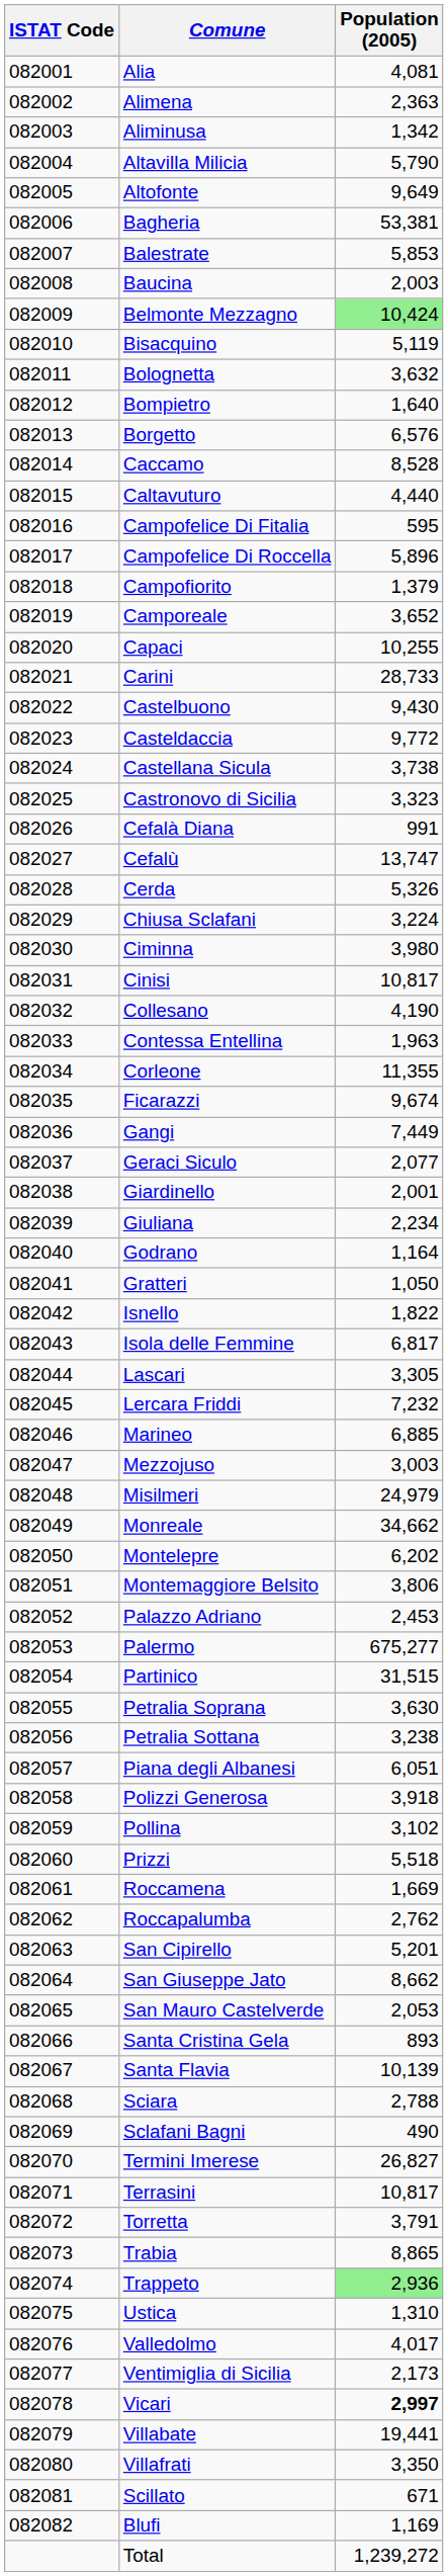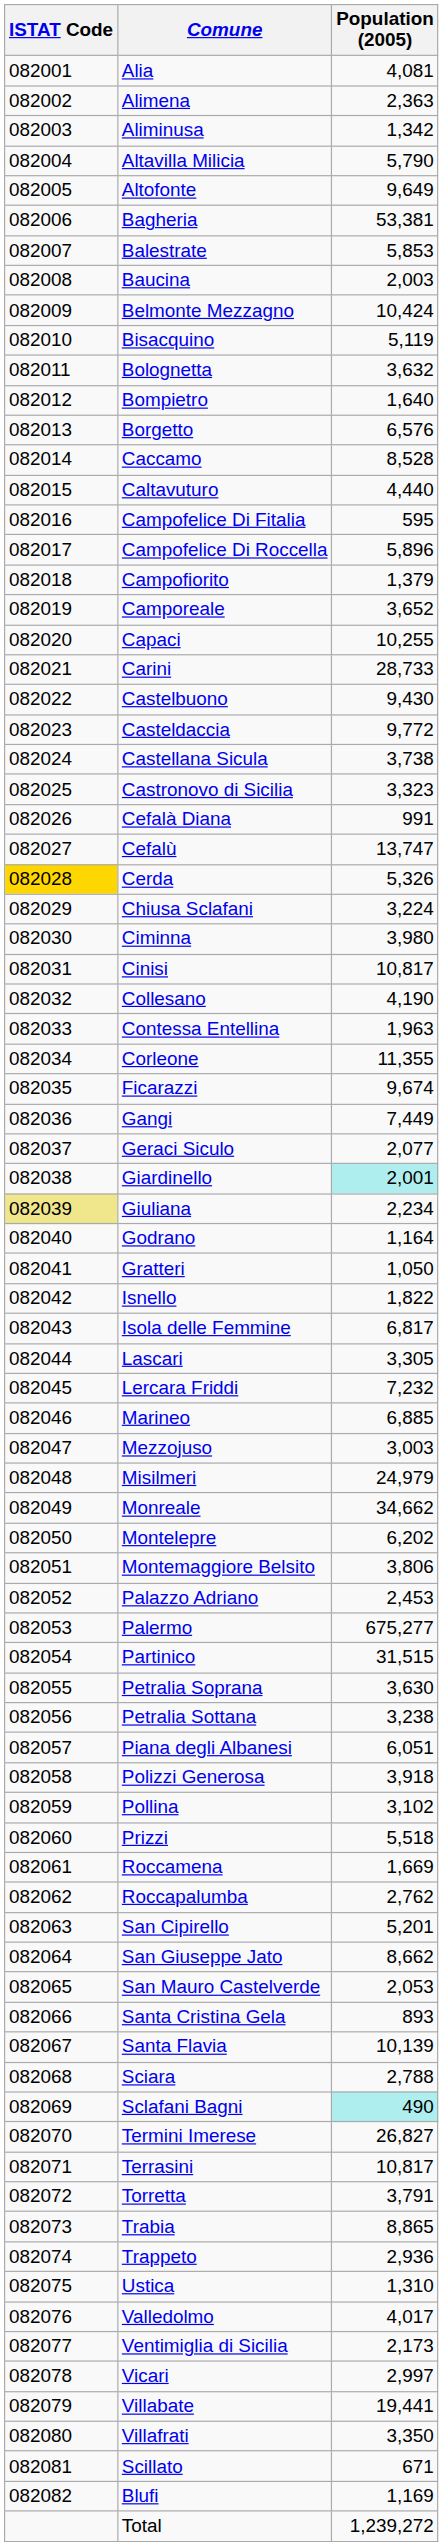 <table class="wikitable sortable">
 <tr>
 <th><a href='#'>ISTAT</a> Code</th>
 <th><em><a href='#'>Comune</a></em></th>
 <th>Population <br>(2005)</th>
 </tr>
 <tr>
 <td>082001</td>
 <td><a href='#'>Alia</a></td>
 <td align="right">4,081</td>
 </tr>
 <tr>
 <td>082002</td>
 <td><a href='#'>Alimena</a></td>
 <td align="right">2,363</td>
 </tr>
 <tr>
 <td>082003</td>
 <td><a href='#'>Aliminusa</a></td>
 <td align="right">1,342</td>
 </tr>
 <tr>
 <td>082004</td>
 <td><a href='#'>Altavilla Milicia</a></td>
 <td align="right">5,790</td>
 </tr>
 <tr>
 <td>082005</td>
 <td><a href='#'>Altofonte</a></td>
 <td align="right">9,649</td>
 </tr>
 <tr>
 <td>082006</td>
 <td><a href='#'>Bagheria</a></td>
 <td align="right">53,381</td>
 </tr>
 <tr>
 <td>082007</td>
 <td><a href='#'>Balestrate</a></td>
 <td align="right">5,853</td>
 </tr>
 <tr>
 <td>082008</td>
 <td><a href='#'>Baucina</a></td>
 <td align="right">2,003</td>
 </tr>
 <tr>
 <td>082009</td>
 <td><a href='#'>Belmonte Mezzagno</a></td>
-<td align="right" style="background: lightgreen;">10,424</td>
+<td align="right">10,424</td>
 </tr>
 <tr>
 <td>082010</td>
 <td><a href='#'>Bisacquino</a></td>
 <td align="right">5,119</td>
 </tr>
 <tr>
 <td>082011</td>
 <td><a href='#'>Bolognetta</a></td>
 <td align="right">3,632</td>
 </tr>
 <tr>
 <td>082012</td>
 <td><a href='#'>Bompietro</a></td>
 <td align="right">1,640</td>
 </tr>
 <tr>
 <td>082013</td>
 <td><a href='#'>Borgetto</a></td>
 <td align="right">6,576</td>
 </tr>
 <tr>
 <td>082014</td>
 <td><a href='#'>Caccamo</a></td>
 <td align="right">8,528</td>
 </tr>
 <tr>
 <td>082015</td>
 <td><a href='#'>Caltavuturo</a></td>
 <td align="right">4,440</td>
 </tr>
 <tr>
 <td>082016</td>
 <td><a href='#'>Campofelice Di Fitalia</a></td>
 <td align="right">595</td>
 </tr>
 <tr>
 <td>082017</td>
 <td><a href='#'>Campofelice Di Roccella</a></td>
 <td align="right">5,896</td>
 </tr>
 <tr>
 <td>082018</td>
 <td><a href='#'>Campofiorito</a></td>
 <td align="right">1,379</td>
 </tr>
 <tr>
 <td>082019</td>
 <td><a href='#'>Camporeale</a></td>
 <td align="right">3,652</td>
 </tr>
 <tr>
 <td>082020</td>
 <td><a href='#'>Capaci</a></td>
 <td align="right">10,255</td>
 </tr>
 <tr>
 <td>082021</td>
 <td><a href='#'>Carini</a></td>
 <td align="right">28,733</td>
 </tr>
 <tr>
 <td>082022</td>
 <td><a href='#'>Castelbuono</a></td>
 <td align="right">9,430</td>
 </tr>
 <tr>
 <td>082023</td>
 <td><a href='#'>Casteldaccia</a></td>
 <td align="right">9,772</td>
 </tr>
 <tr>
 <td>082024</td>
 <td><a href='#'>Castellana Sicula</a></td>
 <td align="right">3,738</td>
 </tr>
 <tr>
 <td>082025</td>
 <td><a href='#'>Castronovo di Sicilia</a></td>
 <td align="right">3,323</td>
 </tr>
 <tr>
 <td>082026</td>
 <td><a href='#'>Cefalà Diana</a></td>
 <td align="right">991</td>
 </tr>
 <tr>
 <td>082027</td>
 <td><a href='#'>Cefalù</a></td>
 <td align="right">13,747</td>
 </tr>
 <tr>
-<td>082028</td>
+<td style="background: gold;">082028</td>
 <td><a href='#'>Cerda</a></td>
 <td align="right">5,326</td>
 </tr>
 <tr>
 <td>082029</td>
 <td><a href='#'>Chiusa Sclafani</a></td>
 <td align="right">3,224</td>
 </tr>
 <tr>
 <td>082030</td>
 <td><a href='#'>Ciminna</a></td>
 <td align="right">3,980</td>
 </tr>
 <tr>
 <td>082031</td>
 <td><a href='#'>Cinisi</a></td>
 <td align="right">10,817</td>
 </tr>
 <tr>
 <td>082032</td>
 <td><a href='#'>Collesano</a></td>
 <td align="right">4,190</td>
 </tr>
 <tr>
 <td>082033</td>
 <td><a href='#'>Contessa Entellina</a></td>
 <td align="right">1,963</td>
 </tr>
 <tr>
 <td>082034</td>
 <td><a href='#'>Corleone</a></td>
 <td align="right">11,355</td>
 </tr>
 <tr>
 <td>082035</td>
 <td><a href='#'>Ficarazzi</a></td>
 <td align="right">9,674</td>
 </tr>
 <tr>
 <td>082036</td>
 <td><a href='#'>Gangi</a></td>
 <td align="right">7,449</td>
 </tr>
 <tr>
 <td>082037</td>
 <td><a href='#'>Geraci Siculo</a></td>
 <td align="right">2,077</td>
 </tr>
 <tr>
 <td>082038</td>
 <td><a href='#'>Giardinello</a></td>
-<td align="right">2,001</td>
+<td align="right" style="background: paleturquoise;">2,001</td>
 </tr>
 <tr>
-<td>082039</td>
+<td style="background: khaki;">082039</td>
 <td><a href='#'>Giuliana</a></td>
 <td align="right">2,234</td>
 </tr>
 <tr>
 <td>082040</td>
 <td><a href='#'>Godrano</a></td>
 <td align="right">1,164</td>
 </tr>
 <tr>
 <td>082041</td>
 <td><a href='#'>Gratteri</a></td>
 <td align="right">1,050</td>
 </tr>
 <tr>
 <td>082042</td>
 <td><a href='#'>Isnello</a></td>
 <td align="right">1,822</td>
 </tr>
 <tr>
 <td>082043</td>
 <td><a href='#'>Isola delle Femmine</a></td>
 <td align="right">6,817</td>
 </tr>
 <tr>
 <td>082044</td>
 <td><a href='#'>Lascari</a></td>
 <td align="right">3,305</td>
 </tr>
 <tr>
 <td>082045</td>
 <td><a href='#'>Lercara Friddi</a></td>
 <td align="right">7,232</td>
 </tr>
 <tr>
 <td>082046</td>
 <td><a href='#'>Marineo</a></td>
 <td align="right">6,885</td>
 </tr>
 <tr>
 <td>082047</td>
 <td><a href='#'>Mezzojuso</a></td>
 <td align="right">3,003</td>
 </tr>
 <tr>
 <td>082048</td>
 <td><a href='#'>Misilmeri</a></td>
 <td align="right">24,979</td>
 </tr>
 <tr>
 <td>082049</td>
 <td><a href='#'>Monreale</a></td>
 <td align="right">34,662</td>
 </tr>
 <tr>
 <td>082050</td>
 <td><a href='#'>Montelepre</a></td>
 <td align="right">6,202</td>
 </tr>
 <tr>
 <td>082051</td>
 <td><a href='#'>Montemaggiore Belsito</a></td>
 <td align="right">3,806</td>
 </tr>
 <tr>
 <td>082052</td>
 <td><a href='#'>Palazzo Adriano</a></td>
 <td align="right">2,453</td>
 </tr>
 <tr>
 <td>082053</td>
 <td><a href='#'>Palermo</a></td>
 <td align="right">675,277</td>
 </tr>
 <tr>
 <td>082054</td>
 <td><a href='#'>Partinico</a></td>
 <td align="right">31,515</td>
 </tr>
 <tr>
 <td>082055</td>
 <td><a href='#'>Petralia Soprana</a></td>
 <td align="right">3,630</td>
 </tr>
 <tr>
 <td>082056</td>
 <td><a href='#'>Petralia Sottana</a></td>
 <td align="right">3,238</td>
 </tr>
 <tr>
 <td>082057</td>
 <td><a href='#'>Piana degli Albanesi</a></td>
 <td align="right">6,051</td>
 </tr>
 <tr>
 <td>082058</td>
 <td><a href='#'>Polizzi Generosa</a></td>
 <td align="right">3,918</td>
 </tr>
 <tr>
 <td>082059</td>
 <td><a href='#'>Pollina</a></td>
 <td align="right">3,102</td>
 </tr>
 <tr>
 <td>082060</td>
 <td><a href='#'>Prizzi</a></td>
 <td align="right">5,518</td>
 </tr>
 <tr>
 <td>082061</td>
 <td><a href='#'>Roccamena</a></td>
 <td align="right">1,669</td>
 </tr>
 <tr>
 <td>082062</td>
 <td><a href='#'>Roccapalumba</a></td>
 <td align="right">2,762</td>
 </tr>
 <tr>
 <td>082063</td>
 <td><a href='#'>San Cipirello</a></td>
 <td align="right">5,201</td>
 </tr>
 <tr>
 <td>082064</td>
 <td><a href='#'>San Giuseppe Jato</a></td>
 <td align="right">8,662</td>
 </tr>
 <tr>
 <td>082065</td>
 <td><a href='#'>San Mauro Castelverde</a></td>
 <td align="right">2,053</td>
 </tr>
 <tr>
 <td>082066</td>
 <td><a href='#'>Santa Cristina Gela</a></td>
 <td align="right">893</td>
 </tr>
 <tr>
 <td>082067</td>
 <td><a href='#'>Santa Flavia</a></td>
 <td align="right">10,139</td>
 </tr>
 <tr>
 <td>082068</td>
 <td><a href='#'>Sciara</a></td>
 <td align="right">2,788</td>
 </tr>
 <tr>
 <td>082069</td>
 <td><a href='#'>Sclafani Bagni</a></td>
-<td align="right">490</td>
+<td align="right" style="background: paleturquoise;">490</td>
 </tr>
 <tr>
 <td>082070</td>
 <td><a href='#'>Termini Imerese</a></td>
 <td align="right">26,827</td>
 </tr>
 <tr>
 <td>082071</td>
 <td><a href='#'>Terrasini</a></td>
 <td align="right">10,817</td>
 </tr>
 <tr>
 <td>082072</td>
 <td><a href='#'>Torretta</a></td>
 <td align="right">3,791</td>
 </tr>
 <tr>
 <td>082073</td>
 <td><a href='#'>Trabia</a></td>
 <td align="right">8,865</td>
 </tr>
 <tr>
 <td>082074</td>
 <td><a href='#'>Trappeto</a></td>
-<td align="right" style="background: lightgreen;">2,936</td>
+<td align="right">2,936</td>
 </tr>
 <tr>
 <td>082075</td>
 <td><a href='#'>Ustica</a></td>
 <td align="right">1,310</td>
 </tr>
 <tr>
 <td>082076</td>
 <td><a href='#'>Valledolmo</a></td>
 <td align="right">4,017</td>
 </tr>
 <tr>
 <td>082077</td>
 <td><a href='#'>Ventimiglia di Sicilia</a></td>
 <td align="right">2,173</td>
 </tr>
 <tr>
 <td>082078</td>
 <td><a href='#'>Vicari</a></td>
-<td align="right"><strong>2,997</strong></td>
+<td align="right">2,997</td>
 </tr>
 <tr>
 <td>082079</td>
 <td><a href='#'>Villabate</a></td>
 <td align="right">19,441</td>
 </tr>
 <tr>
 <td>082080</td>
 <td><a href='#'>Villafrati</a></td>
 <td align="right">3,350</td>
 </tr>
 <tr>
 <td>082081</td>
 <td><a href='#'>Scillato</a></td>
 <td align="right">671</td>
 </tr>
 <tr>
 <td>082082</td>
 <td><a href='#'>Blufi</a></td>
 <td align="right">1,169</td>
 </tr>
 <tr>
 <td></td>
 <td>Total</td>
 <td align="right">1,239,272</td>
 </tr>
 <tr>
 </tr>
 </table>
